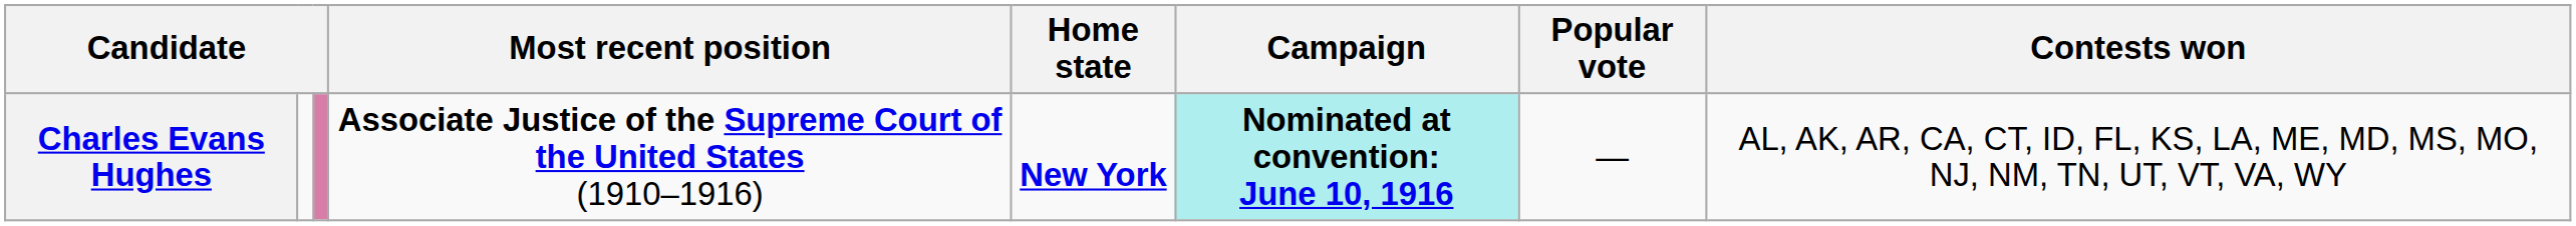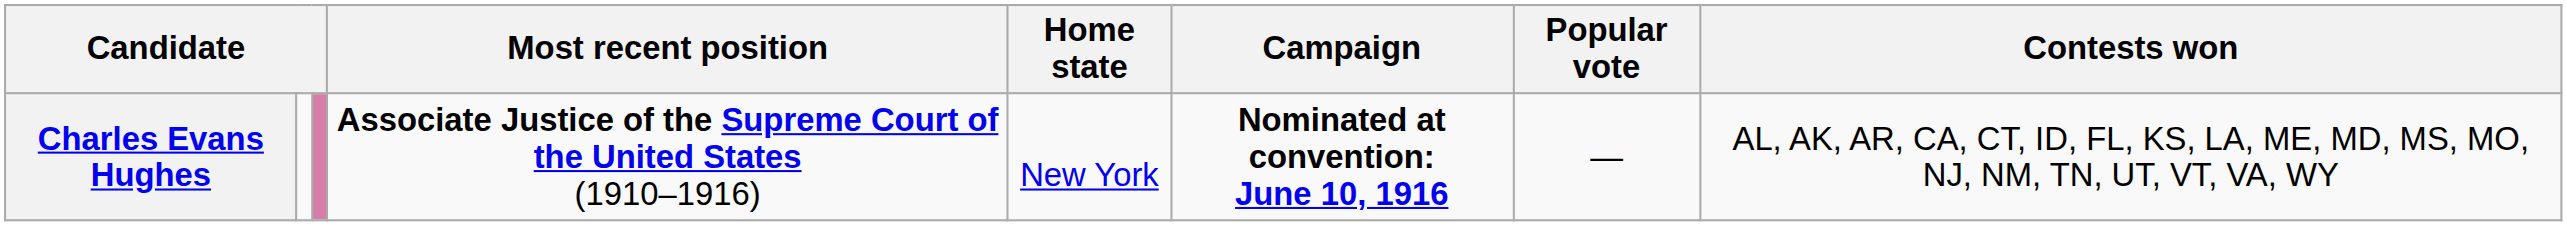 <table class="wikitable sortable" style="text-align:center;">
 <tr>
 <th colspan="3">Candidate</th>
 <th class="unsortable">Most recent position</th>
 <th>Home state</th>
 <th data-sort-type="date">Campaign</th>
 <th>Popular vote</th>
 <th>Contests won</th>
 </tr>
 <tr>
 <th scope="row" data-sort-value="Hughes"><a href='#'>Charles Evans Hughes</a></th>
 <td></td>
 <td style="background:#d77da7;"></td>
 <td><strong>Associate Justice of the <a href='#'>Supreme Court of the United States</a></strong><br>(1910–1916)</td>
-<td><strong><br><a href='#'>New York</a></strong></td>
-<td style="background: paleturquoise;"><strong>Nominated at convention:<br> <a href='#'>June 10, 1916</a></strong></td>
+<td><br><a href='#'>New York</a></td>
+<td><strong>Nominated at convention:<br> <a href='#'>June 10, 1916</a></strong></td>
 <td data-sort-value="0">—</td>
 <td data-sort-value="20">AL, AK, AR, CA, CT, ID, FL, KS, LA, ME, MD, MS, MO, NJ, NM, TN, UT, VT, VA, WY<br></td>
 </tr>
 </table>
